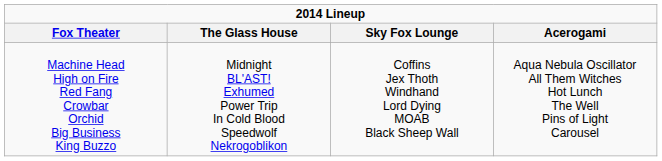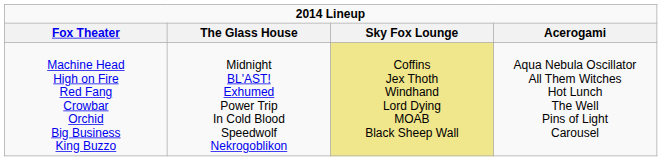 <table class="wikitable">
 <tr>
 <td colspan="4" align="center"><strong>2014 Lineup</strong></td>
 </tr>
 <tr>
 <th><a href='#'>Fox Theater</a></th>
 <th>The Glass House</th>
 <th>Sky Fox Lounge</th>
 <th>Acerogami</th>
 </tr>
 <tr>
 <td valign="top" align="center" width=210><br><a href='#'>Machine Head</a><br> <a href='#'>High on Fire</a><br> <a href='#'>Red Fang</a><br> <a href='#'>Crowbar</a><br> <a href='#'>Orchid</a><br> <a href='#'>Big Business</a><br> <a href='#'>King Buzzo</a></td>
 <td valign="top" align="center" width=210><br>Midnight<br> <a href='#'>BL'AST!</a><br> <a href='#'>Exhumed</a><br> Power Trip<br> In Cold Blood<br> Speedwolf<br> <a href='#'>Nekrogoblikon</a></td>
-<td valign="top" align="center" width=210><br>Coffins<br> Jex Thoth<br> Windhand<br> Lord Dying<br> MOAB<br> Black Sheep Wall<br></td>
+<td valign="top" align="center" width=210 style="background: khaki;"><br>Coffins<br> Jex Thoth<br> Windhand<br> Lord Dying<br> MOAB<br> Black Sheep Wall<br></td>
 <td valign="top" align="center" width=210><br>Aqua Nebula Oscillator<br> All Them Witches<br> Hot Lunch<br> The Well<br> Pins of Light<br> Carousel<br></td>
 </tr>
 </table>
